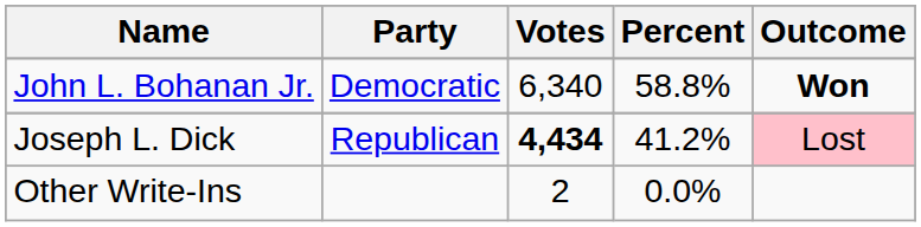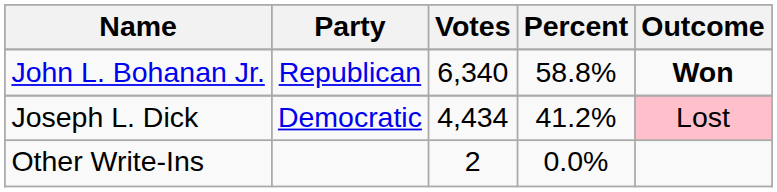 <table class=wikitable style="text-align:center">
 <tr>
 <th>Name</th>
 <th>Party</th>
 <th>Votes</th>
 <th>Percent</th>
 <th>Outcome</th>
 </tr>
 <tr>
 </tr>
 <tr>
 <td align=left><a href='#'>John L. Bohanan Jr.</a></td>
-<td><a href='#'>Democratic</a></td>
+<td><a href='#'>Republican</a></td>
 <td>6,340</td>
 <td>58.8%</td>
 <td><strong>Won</strong></td>
 </tr>
 <tr>
 </tr>
 <tr>
 <td align=left>Joseph L. Dick</td>
-<td><a href='#'>Republican</a></td>
-<td><strong>4,434</strong></td>
+<td><a href='#'>Democratic</a></td>
+<td>4,434</td>
 <td>41.2%</td>
 <td style="background: pink;">Lost</td>
 </tr>
 <tr>
 <td align=left>Other Write-Ins</td>
 <td></td>
 <td>2</td>
 <td>0.0%</td>
 <td></td>
 </tr>
 </table>
